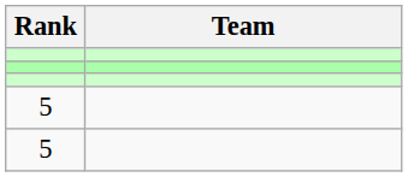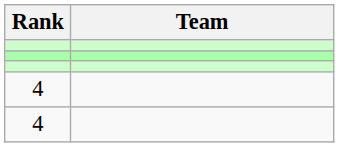 <table class="wikitable" style="text-align: center;">
 <tr>
 <th width=40>Rank</th>
 <th width=180>Team</th>
 </tr>
 <tr bgcolor="#ccffcc">
 <td></td>
 <td align="left"></td>
 </tr>
 <tr bgcolor="#aaffaa">
 <td></td>
 <td align="left"></td>
 </tr>
 <tr bgcolor="#ccffcc">
 <td></td>
 <td align="left"></td>
 </tr>
 <tr>
-<td>5</td>
+<td>4</td>
 <td align="left"></td>
 </tr>
 <tr>
-<td>5</td>
+<td>4</td>
 <td align="left"></td>
 </tr>
 </table>
